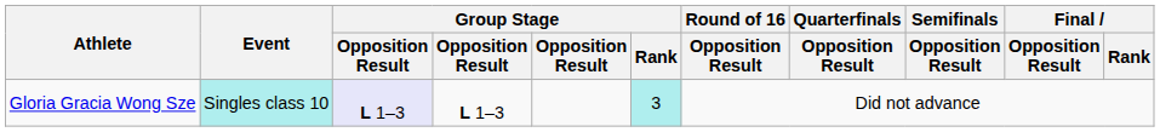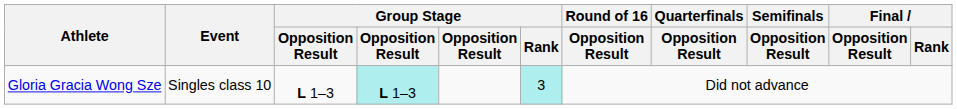 <table class=wikitable style="font-size:95%">
 <tr>
 <th rowspan="2">Athlete</th>
 <th rowspan="2">Event</th>
 <th colspan="4">Group Stage</th>
 <th>Round of 16</th>
 <th>Quarterfinals</th>
 <th>Semifinals</th>
 <th colspan="2">Final / </th>
 </tr>
 <tr>
 <th>Opposition<br>Result</th>
 <th>Opposition<br>Result</th>
 <th>Opposition<br>Result</th>
 <th>Rank</th>
 <th>Opposition<br>Result</th>
 <th>Opposition<br>Result</th>
 <th>Opposition<br>Result</th>
 <th>Opposition<br>Result</th>
 <th>Rank</th>
 </tr>
 <tr align=center>
 <td align=left><a href='#'>Gloria Gracia Wong Sze</a></td>
-<td align=left style="background: paleturquoise;">Singles class 10</td>
-<td style="background: lavender;"><br><strong>L</strong> 1–3</td>
+<td align=left>Singles class 10</td>
 <td><br><strong>L</strong> 1–3</td>
+<td style="background: paleturquoise;"><br><strong>L</strong> 1–3</td>
 <td></td>
 <td style="background: paleturquoise;">3</td>
 <td colspan="5">Did not advance</td>
 </tr>
 </table>
